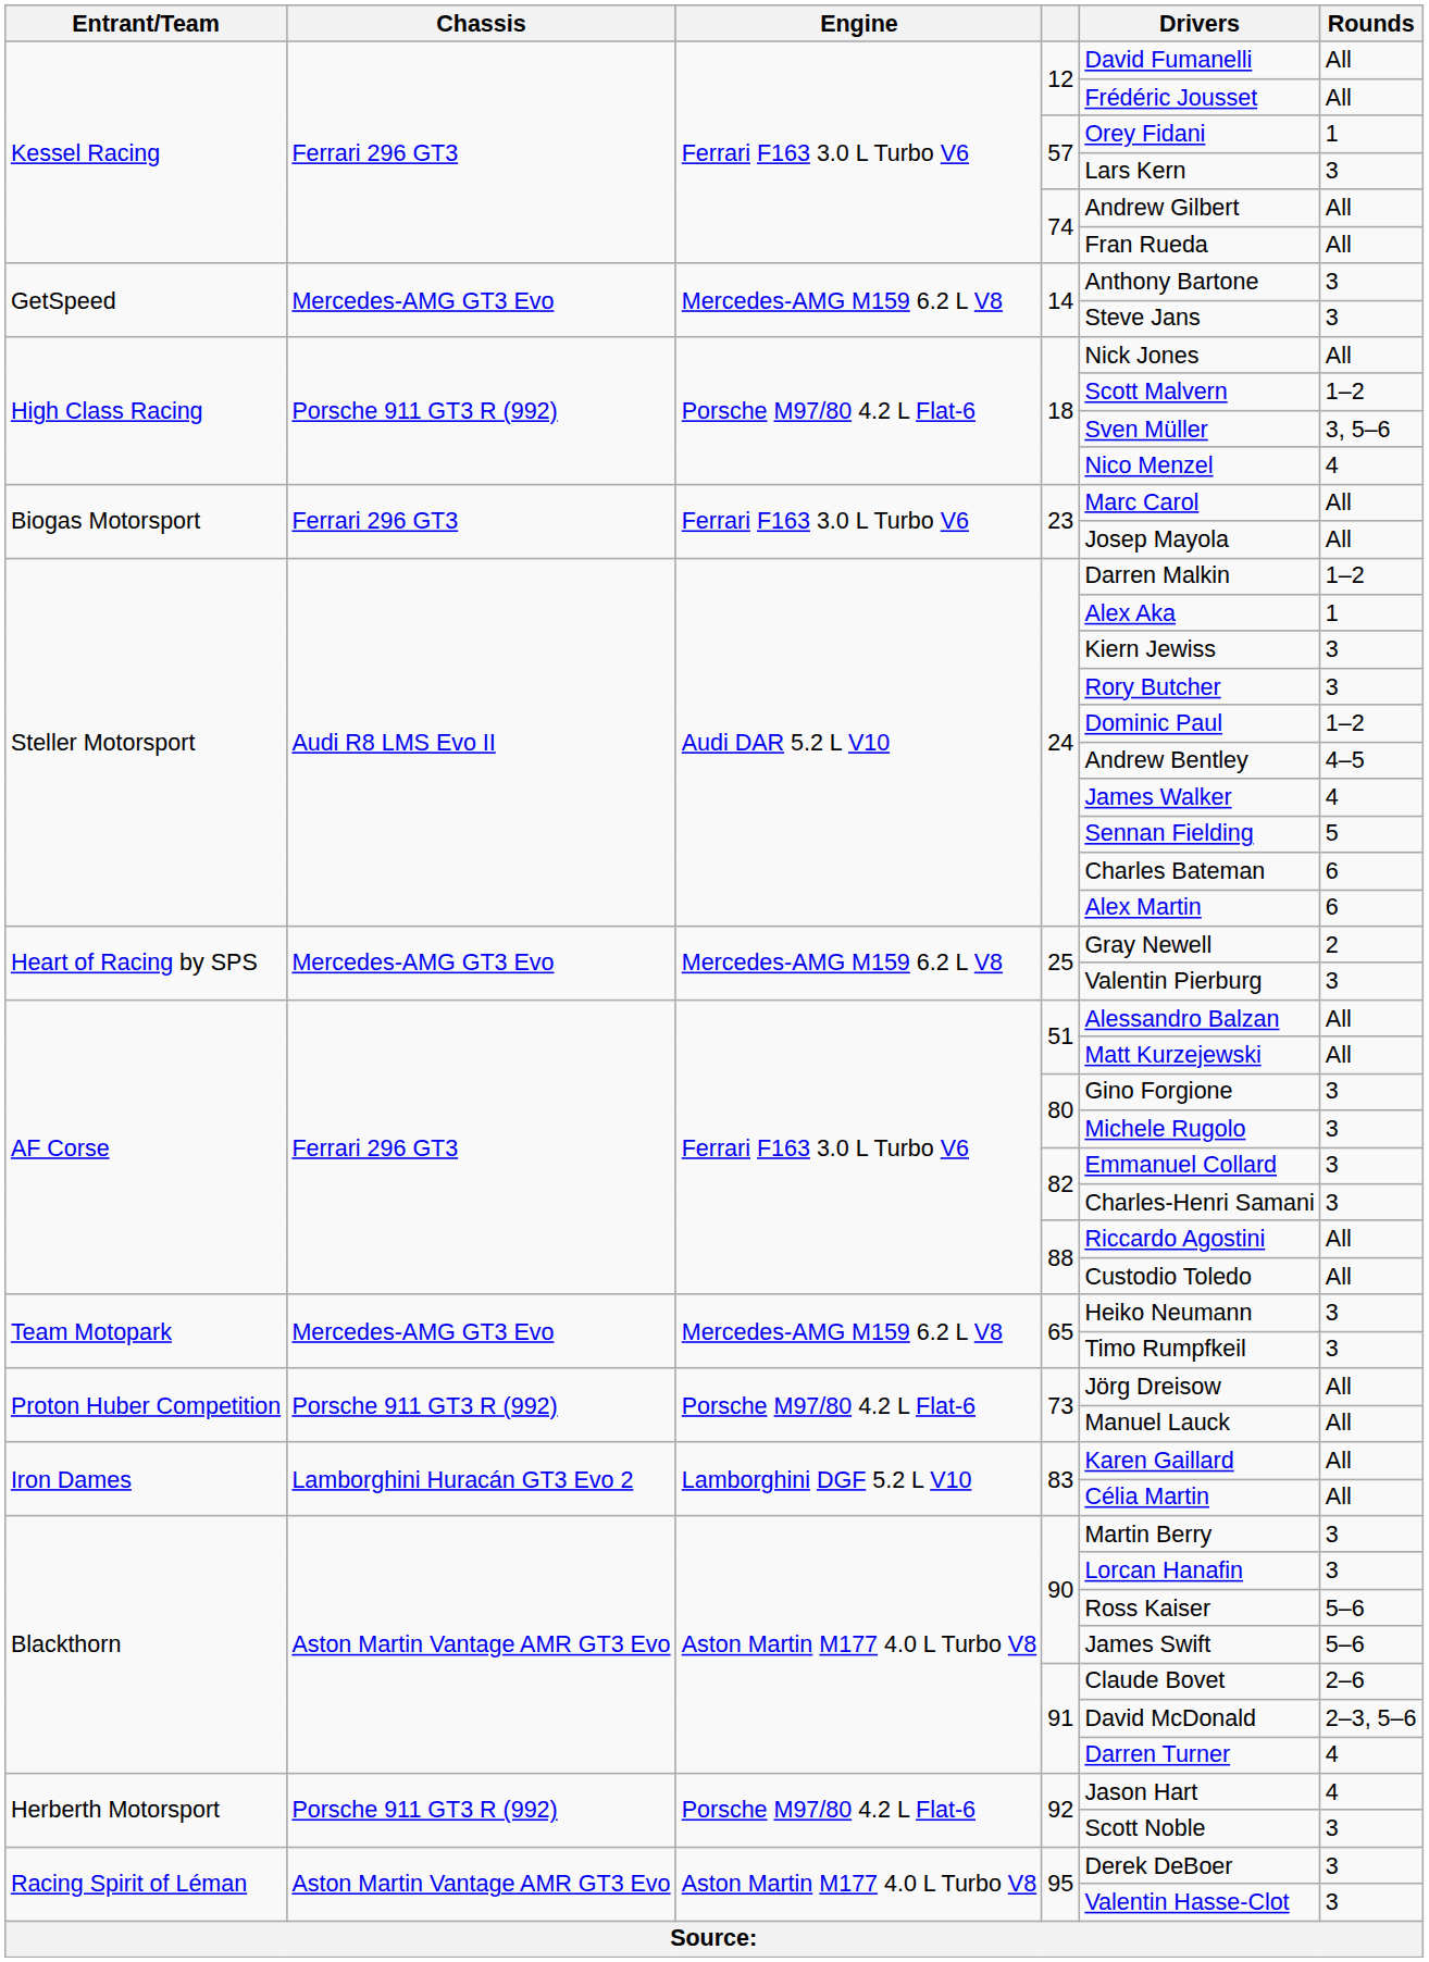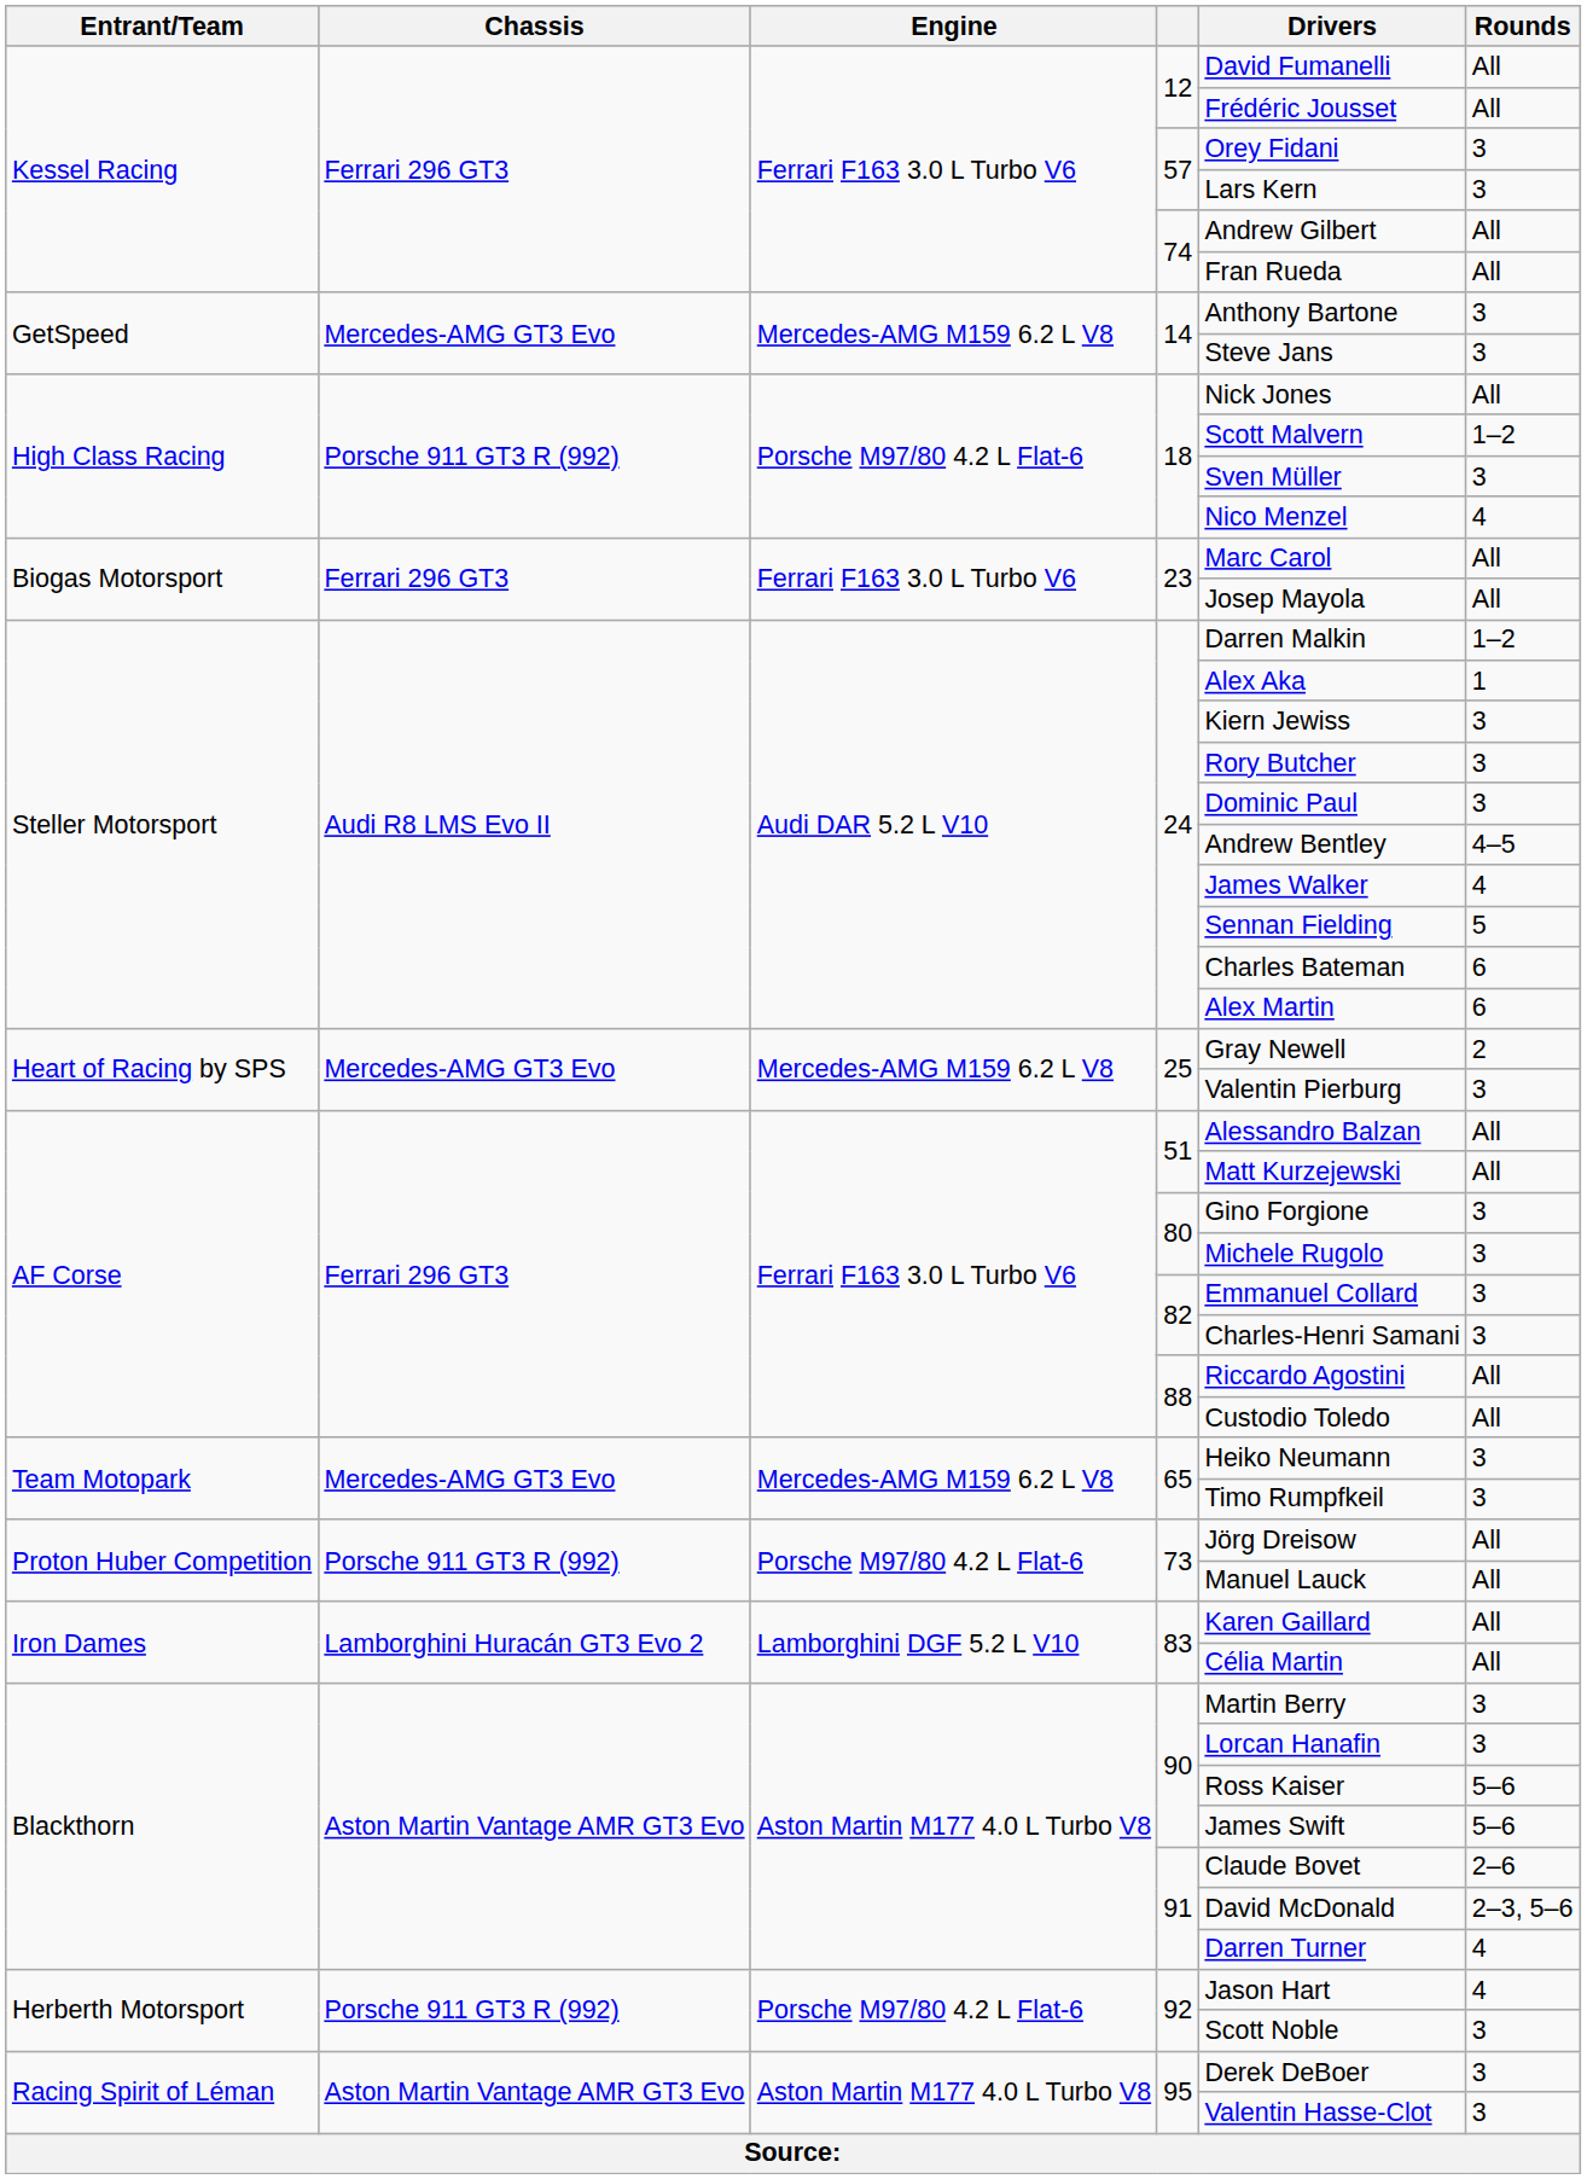 <table class="wikitable" style="font-size: 85%;">
 <tr>
 <th>Entrant/Team</th>
 <th>Chassis</th>
 <th>Engine</th>
 <th></th>
 <th>Drivers</th>
 <th>Rounds</th>
 </tr>
 <tr>
 <td rowspan="6"> <a href='#'>Kessel Racing</a></td>
 <td rowspan="6"><a href='#'>Ferrari 296 GT3</a></td>
 <td rowspan="6"><a href='#'>Ferrari</a> <a href='#'>F163</a> 3.0 L Turbo <a href='#'>V6</a></td>
 <td rowspan="2" align="center">12</td>
 <td> <a href='#'>David Fumanelli</a></td>
 <td>All</td>
 </tr>
 <tr>
 <td> <a href='#'>Frédéric Jousset</a></td>
 <td>All</td>
 </tr>
 <tr>
 <td rowspan="2" align="center">57</td>
 <td> <a href='#'>Orey Fidani</a></td>
-<td>1</td>
+<td>3</td>
 </tr>
 <tr>
 <td> Lars Kern</td>
 <td>3</td>
 </tr>
 <tr>
 <td rowspan="2" align="center">74</td>
 <td> Andrew Gilbert</td>
 <td>All</td>
 </tr>
 <tr>
 <td> Fran Rueda</td>
 <td>All</td>
 </tr>
 <tr>
 <td rowspan="2"> GetSpeed</td>
 <td rowspan="2"><a href='#'>Mercedes-AMG GT3 Evo</a></td>
 <td rowspan="2"><a href='#'>Mercedes-AMG M159</a> 6.2 L <a href='#'>V8</a></td>
 <td rowspan="2" align="center">14</td>
 <td> Anthony Bartone</td>
 <td>3</td>
 </tr>
 <tr>
 <td> Steve Jans</td>
 <td>3</td>
 </tr>
 <tr>
 <td rowspan="4"> <a href='#'>High Class Racing</a></td>
 <td rowspan="4"><a href='#'>Porsche 911 GT3 R (992)</a></td>
 <td rowspan="4"><a href='#'>Porsche</a> <a href='#'>M97/80</a> 4.2 L <a href='#'>Flat-6</a></td>
 <td rowspan="4" align="center">18</td>
 <td> Nick Jones</td>
 <td>All</td>
 </tr>
 <tr>
 <td> <a href='#'>Scott Malvern</a></td>
 <td>1–2</td>
 </tr>
 <tr>
 <td> <a href='#'>Sven Müller</a></td>
-<td>3, 5–6</td>
+<td>3</td>
 </tr>
 <tr>
 <td> <a href='#'>Nico Menzel</a></td>
 <td>4</td>
 </tr>
 <tr>
 <td rowspan="2"> Biogas Motorsport</td>
 <td rowspan="2"><a href='#'>Ferrari 296 GT3</a></td>
 <td rowspan="2"><a href='#'>Ferrari</a> <a href='#'>F163</a> 3.0 L Turbo <a href='#'>V6</a></td>
 <td rowspan="2" align="center">23</td>
 <td> <a href='#'>Marc Carol</a></td>
 <td>All</td>
 </tr>
 <tr>
 <td> Josep Mayola</td>
 <td>All</td>
 </tr>
 <tr>
 <td rowspan="10"> Steller Motorsport</td>
 <td rowspan="10"><a href='#'>Audi R8 LMS Evo II</a></td>
 <td rowspan="10"><a href='#'>Audi DAR</a> 5.2 L <a href='#'>V10</a></td>
 <td rowspan="10" align="center">24</td>
 <td> Darren Malkin</td>
 <td>1–2</td>
 </tr>
 <tr>
 <td> <a href='#'>Alex Aka</a></td>
 <td>1</td>
 </tr>
 <tr>
 <td> Kiern Jewiss</td>
 <td>3</td>
 </tr>
 <tr>
 <td> <a href='#'>Rory Butcher</a></td>
 <td>3</td>
 </tr>
 <tr>
 <td> <a href='#'>Dominic Paul</a></td>
-<td>1–2</td>
+<td>3</td>
 </tr>
 <tr>
 <td> Andrew Bentley</td>
 <td>4–5</td>
 </tr>
 <tr>
 <td> <a href='#'>James Walker</a></td>
 <td>4</td>
 </tr>
 <tr>
 <td> <a href='#'>Sennan Fielding</a></td>
 <td>5</td>
 </tr>
 <tr>
 <td> Charles Bateman</td>
 <td>6</td>
 </tr>
 <tr>
 <td> <a href='#'>Alex Martin</a></td>
 <td>6</td>
 </tr>
 <tr>
 <td rowspan="2"> <a href='#'>Heart of Racing</a> by SPS</td>
 <td rowspan="2"><a href='#'>Mercedes-AMG GT3 Evo</a></td>
 <td rowspan="2"><a href='#'>Mercedes-AMG M159</a> 6.2 L <a href='#'>V8</a></td>
 <td rowspan="2" align="center">25</td>
 <td> Gray Newell</td>
 <td>2</td>
 </tr>
 <tr>
 <td> Valentin Pierburg</td>
 <td>3</td>
 </tr>
 <tr>
 <td rowspan="8"> <a href='#'>AF Corse</a></td>
 <td rowspan="8"><a href='#'>Ferrari 296 GT3</a></td>
 <td rowspan="8"><a href='#'>Ferrari</a> <a href='#'>F163</a> 3.0 L Turbo <a href='#'>V6</a></td>
 <td rowspan="2" align="center">51</td>
 <td> <a href='#'>Alessandro Balzan</a></td>
 <td>All</td>
 </tr>
 <tr>
 <td> <a href='#'>Matt Kurzejewski</a></td>
 <td>All</td>
 </tr>
 <tr>
 <td rowspan="2" align="center">80</td>
 <td> Gino Forgione</td>
 <td>3</td>
 </tr>
 <tr>
 <td> <a href='#'>Michele Rugolo</a></td>
 <td>3</td>
 </tr>
 <tr>
 <td rowspan="2" align="center">82</td>
 <td> <a href='#'>Emmanuel Collard</a></td>
 <td>3</td>
 </tr>
 <tr>
 <td> Charles-Henri Samani</td>
 <td>3</td>
 </tr>
 <tr>
 <td rowspan="2" align="center">88</td>
 <td> <a href='#'>Riccardo Agostini</a></td>
 <td>All</td>
 </tr>
 <tr>
 <td> Custodio Toledo</td>
 <td>All</td>
 </tr>
 <tr>
 <td rowspan="2"> <a href='#'>Team Motopark</a></td>
 <td rowspan="2"><a href='#'>Mercedes-AMG GT3 Evo</a></td>
 <td rowspan="2"><a href='#'>Mercedes-AMG M159</a> 6.2 L <a href='#'>V8</a></td>
 <td rowspan="2" align="center">65</td>
 <td> Heiko Neumann</td>
 <td>3</td>
 </tr>
 <tr>
 <td> Timo Rumpfkeil</td>
 <td>3</td>
 </tr>
 <tr>
 <td rowspan="2"> <a href='#'>Proton Huber Competition</a></td>
 <td rowspan="2"><a href='#'>Porsche 911 GT3 R (992)</a></td>
 <td rowspan="2"><a href='#'>Porsche</a> <a href='#'>M97/80</a> 4.2 L <a href='#'>Flat-6</a></td>
 <td rowspan="2" align="center">73</td>
 <td> Jörg Dreisow</td>
 <td>All</td>
 </tr>
 <tr>
 <td> Manuel Lauck</td>
 <td>All</td>
 </tr>
 <tr>
 <td rowspan="2"> <a href='#'>Iron Dames</a></td>
 <td rowspan="2"><a href='#'>Lamborghini Huracán GT3 Evo 2</a></td>
 <td rowspan="2"><a href='#'>Lamborghini</a> <a href='#'>DGF</a> 5.2 L <a href='#'>V10</a></td>
 <td rowspan="2" align="center">83</td>
 <td> <a href='#'>Karen Gaillard</a></td>
 <td>All</td>
 </tr>
 <tr>
 <td> <a href='#'>Célia Martin</a></td>
 <td>All</td>
 </tr>
 <tr>
 <td rowspan="7"> Blackthorn</td>
 <td rowspan="7"><a href='#'>Aston Martin Vantage AMR GT3 Evo</a></td>
 <td rowspan="7"><a href='#'>Aston Martin</a> <a href='#'>M177</a> 4.0 L Turbo <a href='#'>V8</a></td>
 <td rowspan="4" align="center">90</td>
 <td> Martin Berry</td>
 <td>3</td>
 </tr>
 <tr>
 <td> <a href='#'>Lorcan Hanafin</a></td>
 <td>3</td>
 </tr>
 <tr>
 <td> Ross Kaiser</td>
 <td>5–6</td>
 </tr>
 <tr>
 <td> James Swift</td>
 <td>5–6</td>
 </tr>
 <tr>
 <td rowspan="3" align="center">91</td>
 <td> Claude Bovet</td>
 <td>2–6</td>
 </tr>
 <tr>
 <td> David McDonald</td>
 <td>2–3, 5–6</td>
 </tr>
 <tr>
 <td> <a href='#'>Darren Turner</a></td>
 <td>4</td>
 </tr>
 <tr>
 <td rowspan="2"> Herberth Motorsport</td>
 <td rowspan="2"><a href='#'>Porsche 911 GT3 R (992)</a></td>
 <td rowspan="2"><a href='#'>Porsche</a> <a href='#'>M97/80</a> 4.2 L <a href='#'>Flat-6</a></td>
 <td rowspan="2" align="center">92</td>
 <td> Jason Hart</td>
 <td>4</td>
 </tr>
 <tr>
 <td> Scott Noble</td>
 <td>3</td>
 </tr>
 <tr>
 <td rowspan="2"> <a href='#'>Racing Spirit of Léman</a></td>
 <td rowspan="2"><a href='#'>Aston Martin Vantage AMR GT3 Evo</a></td>
 <td rowspan="2"><a href='#'>Aston Martin</a> <a href='#'>M177</a> 4.0 L Turbo <a href='#'>V8</a></td>
 <td rowspan="2" align="center">95</td>
 <td> Derek DeBoer</td>
 <td>3</td>
 </tr>
 <tr>
 <td> <a href='#'>Valentin Hasse-Clot</a></td>
 <td>3</td>
 </tr>
 <tr>
 <th colspan=6>Source:</th>
 </tr>
 </table>
